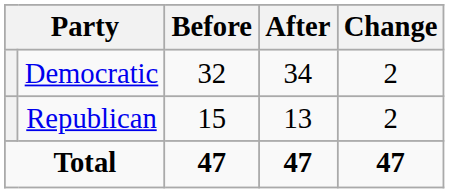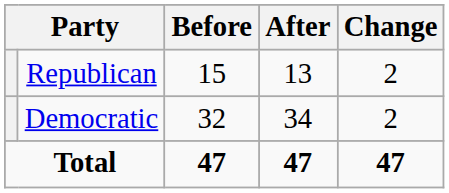 <table class="wikitable" style="text-align:center;">
 <tr>
 <th colspan=2>Party</th>
 <th>Before</th>
 <th>After</th>
 <th>Change</th>
 </tr>
 <tr>
 <th style="background-color:"></th>
-<td><a href='#'>Democratic</a></td>
-<td>32</td>
-<td>34</td>
+<td><a href='#'>Republican</a></td>
+<td>15</td>
+<td>13</td>
 <td>2</td>
 </tr>
 <tr>
 <th style="background-color:"></th>
-<td><a href='#'>Republican</a></td>
-<td>15</td>
-<td>13</td>
+<td><a href='#'>Democratic</a></td>
+<td>32</td>
+<td>34</td>
 <td>2</td>
 </tr>
 <tr>
 <td colspan=2><strong>Total</strong></td>
 <td><strong>47</strong></td>
 <td><strong>47</strong></td>
 <td><strong>47</strong></td>
 </tr>
 </table>
